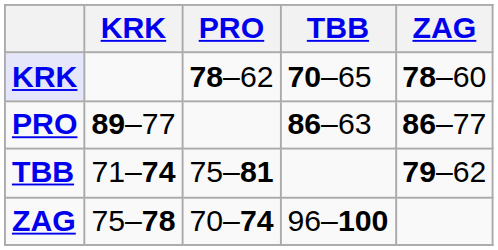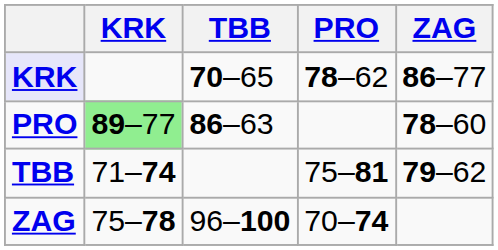 <table class="wikitable">
 <tr>
 <th></th>
 <th> <a href='#'>KRK</a></th>
+<th> <a href='#'>TBB</a></th>
 <th> <a href='#'>PRO</a></th>
-<th> <a href='#'>TBB</a></th>
 <th> <a href='#'><strong>ZAG</strong></a></th>
 </tr>
 <tr>
 <td style="background: lavender;"> <a href='#'><strong>KRK</strong></a></td>
 <td></td>
+<td><strong>70</strong>–65</td>
 <td><strong>78</strong>–62</td>
-<td><strong>70</strong>–65</td>
-<td><strong>78</strong>–60</td>
+<td><strong>86</strong>–77</td>
 </tr>
 <tr>
 <td> <a href='#'><strong>PRO</strong></a></td>
-<td><strong>89</strong>–77</td>
+<td style="background: lightgreen;"><strong>89</strong>–77</td>
+<td><strong>86</strong>–63</td>
 <td></td>
-<td><strong>86</strong>–63</td>
-<td><strong>86</strong>–77</td>
+<td><strong>78</strong>–60</td>
 </tr>
 <tr>
 <td> <a href='#'><strong>TBB</strong></a></td>
 <td>71–<strong>74</strong></td>
+<td></td>
 <td>75–<strong>81</strong></td>
-<td></td>
 <td><strong>79</strong>–62</td>
 </tr>
 <tr>
 <td> <a href='#'><strong>ZAG</strong></a></td>
 <td>75–<strong>78</strong></td>
+<td>96–<strong>100</strong></td>
 <td>70–<strong>74</strong></td>
-<td>96–<strong>100</strong></td>
 <td></td>
 </tr>
 </table>
